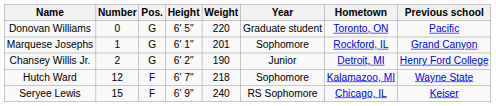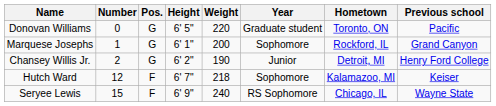 <table class="wikitable sortable" style="text-align:center">
 <tr align=center>
 <th>Name</th>
 <th>Number</th>
 <th>Pos.</th>
 <th>Height</th>
 <th>Weight</th>
 <th>Year</th>
 <th>Hometown</th>
 <th class="unsortable">Previous school</th>
 </tr>
 <tr>
 <td>Donovan Williams</td>
 <td>0</td>
 <td>G</td>
 <td>6' 5"</td>
 <td>220</td>
 <td>Graduate student</td>
 <td><a href='#'>Toronto, ON</a></td>
 <td><a href='#'>Pacific</a></td>
 </tr>
 <tr>
 <td>Marquese Josephs</td>
 <td>1</td>
 <td>G</td>
 <td>6' 1"</td>
-<td>201</td>
+<td>200</td>
 <td>Sophomore</td>
 <td><a href='#'>Rockford, IL</a></td>
 <td><a href='#'>Grand Canyon</a></td>
 </tr>
 <tr>
 <td>Chansey Willis Jr.</td>
 <td>2</td>
 <td>G</td>
 <td>6' 2"</td>
 <td>190</td>
 <td>Junior</td>
 <td><a href='#'>Detroit, MI</a></td>
 <td><a href='#'>Henry Ford College</a></td>
 </tr>
 <tr>
 <td>Hutch Ward</td>
 <td>12</td>
 <td>F</td>
 <td>6' 7"</td>
 <td>218</td>
 <td>Sophomore</td>
 <td><a href='#'>Kalamazoo, MI</a></td>
-<td><a href='#'>Wayne State</a></td>
+<td><a href='#'>Keiser</a></td>
 </tr>
 <tr>
 <td>Seryee Lewis</td>
 <td>15</td>
 <td>F</td>
 <td>6' 9"</td>
 <td>240</td>
 <td>RS Sophomore</td>
 <td><a href='#'>Chicago, IL</a></td>
-<td><a href='#'>Keiser</a></td>
+<td><a href='#'>Wayne State</a></td>
 </tr>
 </table>
